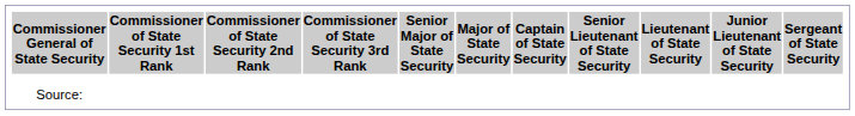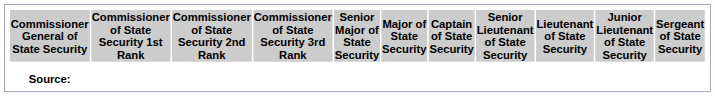 <table style="width:100%; border:1px solid #8888aa; background:#fff; padding:5px; font-size:95%; margin:0 12px 12px 0; text-align:center; ">
 <tr style="background:#ccc;">
 <th colspan="1">Commissioner General of State Security</th>
 <th colspan="1">Commissioner of State Security 1st Rank</th>
 <th colspan="1">Commissioner of State Security 2nd Rank</th>
 <th colspan="1">Commissioner of State Security 3rd Rank</th>
 <th colspan="1">Senior Major of State Security</th>
 <th colspan="1">Major of State Security</th>
 <th colspan="1">Captain of State Security</th>
 <th colspan="1">Senior Lieutenant of State Security</th>
 <th colspan="1">Lieutenant of State Security</th>
 <th colspan="1">Junior Lieutenant of State Security</th>
 <th colspan="1">Sergeant of State Security</th>
 </tr>
 <tr style="text-align:center;">
 <td></td>
 <td></td>
 <td></td>
 <td></td>
 <td></td>
 <td></td>
 <td></td>
 <td></td>
 <td></td>
 <td></td>
 <td></td>
 </tr>
 <tr style="text-align:center;">
 <td></td>
 </tr>
 <tr style="text-align:center;">
 <td></td>
 <td></td>
 <td></td>
 <td></td>
 <td></td>
 <td></td>
 <td></td>
 <td></td>
 <td></td>
 <td></td>
 <td></td>
 </tr>
 <tr>
-<td>Source:</td>
+<td><strong>Source:</strong></td>
 </tr>
 </table>
